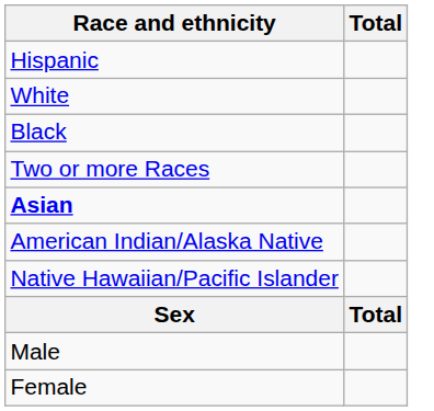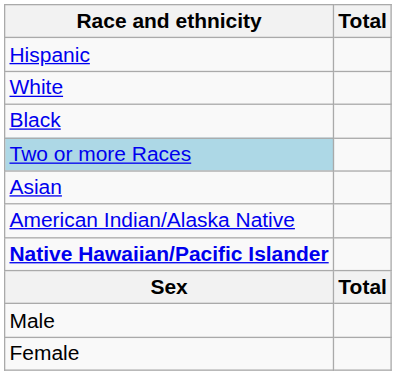 <table class="wikitable floatright sortable collapsible"; text-align:right; font-size:80%;">
 <tr>
 <th>Race and ethnicity</th>
 <th colspan="2" data-sort-type=number>Total</th>
 </tr>
 <tr>
 <td><a href='#'>Hispanic</a></td>
 <td align=right></td>
 </tr>
 <tr>
 <td><a href='#'>White</a></td>
 <td align=right></td>
 </tr>
 <tr>
 <td><a href='#'>Black</a></td>
 <td align=right></td>
 </tr>
 <tr>
-<td><a href='#'>Two or more Races</a></td>
+<td style="background: lightblue;"><a href='#'>Two or more Races</a></td>
 <td align=right></td>
 </tr>
 <tr>
-<td><strong><a href='#'>Asian</a></strong></td>
+<td><a href='#'>Asian</a></td>
 <td align=right></td>
 </tr>
 <tr>
 <td><a href='#'>American Indian/Alaska Native</a></td>
 <td align=right></td>
 </tr>
 <tr>
-<td><a href='#'>Native Hawaiian/Pacific Islander</a></td>
+<td><strong><a href='#'>Native Hawaiian/Pacific Islander</a></strong></td>
 <td align=right></td>
 </tr>
 <tr>
 <th>Sex</th>
 <th colspan="2" data-sort-type=number>Total</th>
 </tr>
 <tr>
 <td>Male</td>
 <td align=right></td>
 </tr>
 <tr>
 <td>Female</td>
 <td align=right></td>
 </tr>
 </table>
